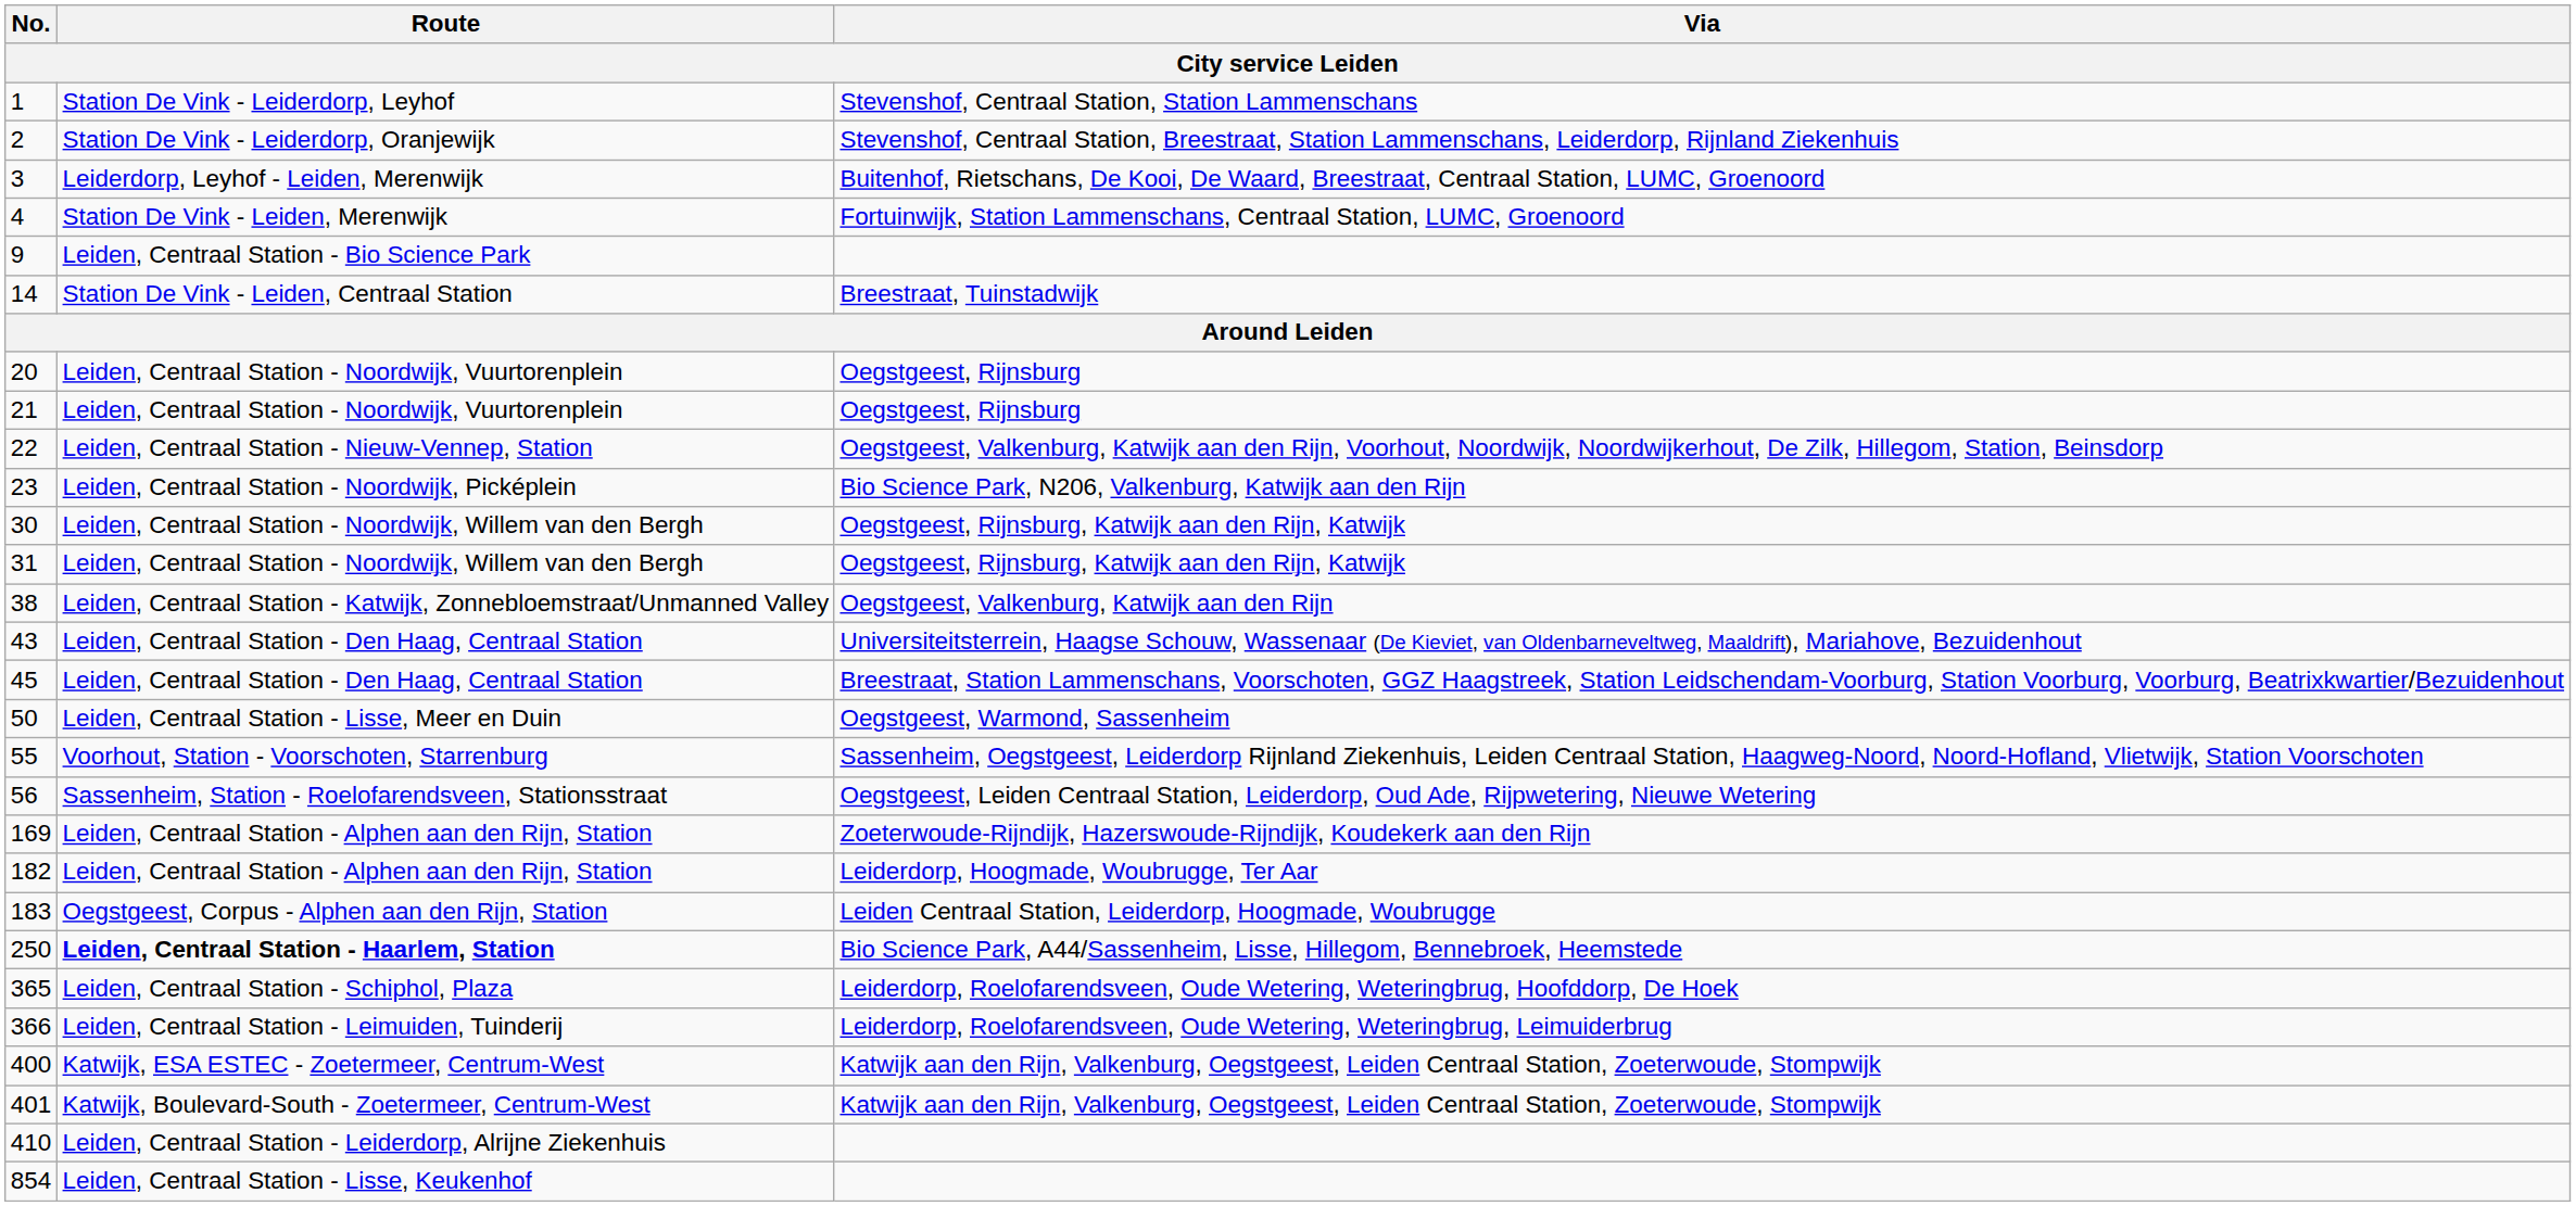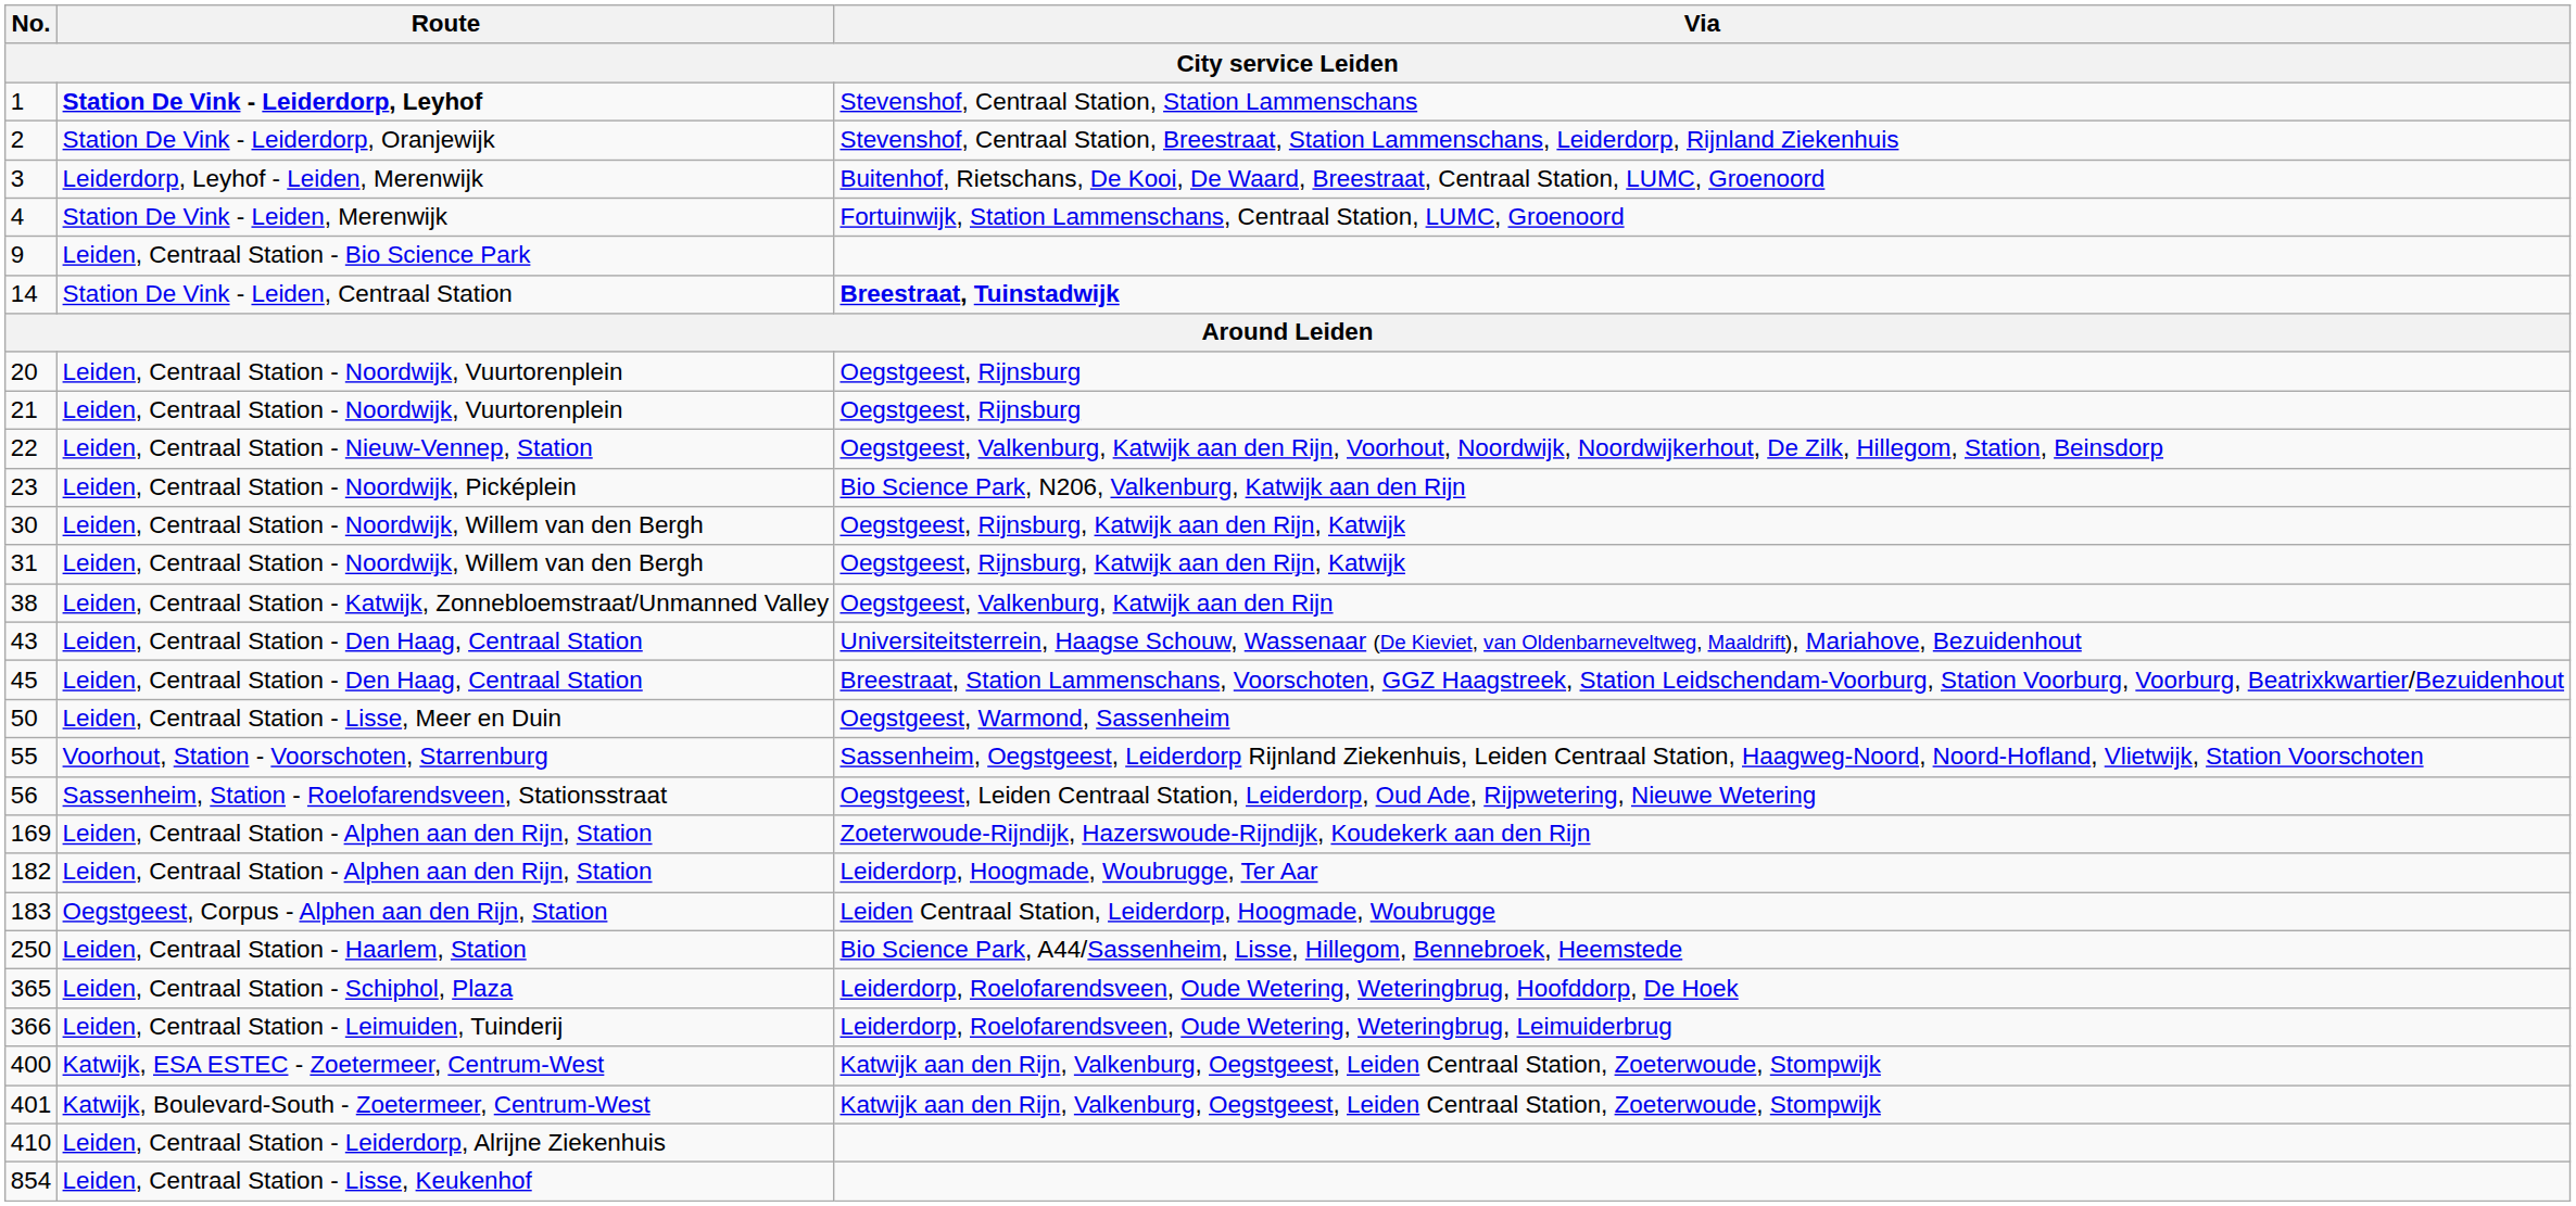 <table class="wikitable">
 <tr>
 <th>No.</th>
 <th>Route</th>
 <th>Via</th>
 </tr>
 <tr>
 <th colspan="4">City service Leiden</th>
 </tr>
 <tr>
 <td>1</td>
-<td><a href='#'>Station De Vink</a> - <a href='#'>Leiderdorp</a>, Leyhof</td>
+<td><strong><a href='#'>Station De Vink</a> - <a href='#'>Leiderdorp</a>, Leyhof</strong></td>
 <td><a href='#'>Stevenshof</a>, Centraal Station, <a href='#'>Station Lammenschans</a></td>
 </tr>
 <tr>
 <td>2</td>
 <td><a href='#'>Station De Vink</a> - <a href='#'>Leiderdorp</a>, Oranjewijk</td>
 <td><a href='#'>Stevenshof</a>, Centraal Station, <a href='#'>Breestraat</a>, <a href='#'>Station Lammenschans</a>, <a href='#'>Leiderdorp</a>, <a href='#'>Rijnland Ziekenhuis</a></td>
 </tr>
 <tr>
 <td>3</td>
 <td><a href='#'>Leiderdorp</a>, Leyhof - <a href='#'>Leiden</a>, Merenwijk</td>
 <td><a href='#'>Buitenhof</a>, Rietschans, <a href='#'>De Kooi</a>, <a href='#'>De Waard</a>, <a href='#'>Breestraat</a>, Centraal Station, <a href='#'>LUMC</a>, <a href='#'>Groenoord</a></td>
 </tr>
 <tr>
 <td>4</td>
 <td><a href='#'>Station De Vink</a> - <a href='#'>Leiden</a>, Merenwijk</td>
 <td><a href='#'>Fortuinwijk</a>, <a href='#'>Station Lammenschans</a>, Centraal Station, <a href='#'>LUMC</a>, <a href='#'>Groenoord</a></td>
 </tr>
 <tr>
 <td>9</td>
 <td><a href='#'>Leiden</a>, Centraal Station - <a href='#'>Bio Science Park</a></td>
 <td></td>
 </tr>
 <tr>
 <td>14</td>
 <td><a href='#'>Station De Vink</a> - <a href='#'>Leiden</a>, Centraal Station</td>
-<td><a href='#'>Breestraat</a>, <a href='#'>Tuinstadwijk</a></td>
+<td><strong><a href='#'>Breestraat</a>, <a href='#'>Tuinstadwijk</a></strong></td>
 </tr>
 <tr>
 <th colspan="4">Around Leiden</th>
 </tr>
 <tr>
 <td>20</td>
 <td><a href='#'>Leiden</a>, Centraal Station - <a href='#'>Noordwijk</a>, Vuurtorenplein</td>
 <td><a href='#'>Oegstgeest</a>, <a href='#'>Rijnsburg</a></td>
 </tr>
 <tr>
 <td>21</td>
 <td><a href='#'>Leiden</a>, Centraal Station - <a href='#'>Noordwijk</a>, Vuurtorenplein</td>
 <td><a href='#'>Oegstgeest</a>, <a href='#'>Rijnsburg</a></td>
 </tr>
 <tr>
 <td>22</td>
 <td><a href='#'>Leiden</a>, Centraal Station - <a href='#'>Nieuw-Vennep</a>, <a href='#'>Station</a></td>
 <td><a href='#'>Oegstgeest</a>, <a href='#'>Valkenburg</a>, <a href='#'>Katwijk aan den Rijn</a>, <a href='#'>Voorhout</a>, <a href='#'>Noordwijk</a>,  <a href='#'>Noordwijkerhout</a>, <a href='#'>De Zilk</a>, <a href='#'>Hillegom</a>, <a href='#'>Station</a>, <a href='#'>Beinsdorp</a></td>
 </tr>
 <tr>
 <td>23</td>
 <td><a href='#'>Leiden</a>, Centraal Station - <a href='#'>Noordwijk</a>, Picképlein</td>
 <td><a href='#'>Bio Science Park</a>, N206, <a href='#'>Valkenburg</a>, <a href='#'>Katwijk aan den Rijn</a></td>
 </tr>
 <tr>
 <td>30</td>
 <td><a href='#'>Leiden</a>, Centraal Station - <a href='#'>Noordwijk</a>, Willem van den Bergh</td>
 <td><a href='#'>Oegstgeest</a>, <a href='#'>Rijnsburg</a>, <a href='#'>Katwijk aan den Rijn</a>, <a href='#'>Katwijk</a></td>
 </tr>
 <tr>
 <td>31</td>
 <td><a href='#'>Leiden</a>, Centraal Station - <a href='#'>Noordwijk</a>, Willem van den Bergh</td>
 <td><a href='#'>Oegstgeest</a>, <a href='#'>Rijnsburg</a>, <a href='#'>Katwijk aan den Rijn</a>, <a href='#'>Katwijk</a></td>
 </tr>
 <tr>
 <td>38</td>
 <td><a href='#'>Leiden</a>, Centraal Station - <a href='#'>Katwijk</a>, Zonnebloemstraat/Unmanned Valley </td>
 <td><a href='#'>Oegstgeest</a>, <a href='#'>Valkenburg</a>, <a href='#'>Katwijk aan den Rijn</a></td>
 </tr>
 <tr>
 <td>43</td>
 <td><a href='#'>Leiden</a>, Centraal Station - <a href='#'>Den Haag</a>, <a href='#'>Centraal Station</a></td>
 <td><a href='#'>Universiteitsterrein</a>, <a href='#'>Haagse Schouw</a>, <a href='#'>Wassenaar</a> <small>(<a href='#'>De Kieviet</a>, <a href='#'>van Oldenbarneveltweg</a>, <a href='#'>Maaldrift</a>)</small>, <a href='#'>Mariahove</a>, <a href='#'>Bezuidenhout</a></td>
 </tr>
 <tr>
 <td>45</td>
 <td><a href='#'>Leiden</a>, Centraal Station - <a href='#'>Den Haag</a>, <a href='#'>Centraal Station</a></td>
 <td><a href='#'>Breestraat</a>, <a href='#'>Station Lammenschans</a>, <a href='#'>Voorschoten</a>, <a href='#'>GGZ Haagstreek</a>, <a href='#'>Station Leidschendam-Voorburg</a>, <a href='#'>Station Voorburg</a>, <a href='#'>Voorburg</a>, <a href='#'>Beatrixkwartier</a>/<a href='#'>Bezuidenhout</a></td>
 </tr>
 <tr>
 <td>50</td>
 <td><a href='#'>Leiden</a>, Centraal Station - <a href='#'>Lisse</a>, Meer en Duin</td>
 <td><a href='#'>Oegstgeest</a>, <a href='#'>Warmond</a>, <a href='#'>Sassenheim</a></td>
 </tr>
 <tr>
 <td>55</td>
 <td><a href='#'>Voorhout</a>, <a href='#'>Station</a> - <a href='#'>Voorschoten</a>, <a href='#'>Starrenburg</a></td>
 <td><a href='#'>Sassenheim</a>, <a href='#'>Oegstgeest</a>, <a href='#'>Leiderdorp</a> Rijnland Ziekenhuis, Leiden Centraal Station, <a href='#'>Haagweg-Noord</a>, <a href='#'>Noord-Hofland</a>, <a href='#'>Vlietwijk</a>, <a href='#'>Station Voorschoten</a></td>
 </tr>
 <tr>
 <td>56</td>
 <td><a href='#'>Sassenheim</a>, <a href='#'>Station</a> - <a href='#'>Roelofarendsveen</a>, Stationsstraat</td>
 <td><a href='#'>Oegstgeest</a>, Leiden Centraal Station, <a href='#'>Leiderdorp</a>, <a href='#'>Oud Ade</a>, <a href='#'>Rijpwetering</a>, <a href='#'>Nieuwe Wetering</a></td>
 </tr>
 <tr>
 <td>169</td>
 <td><a href='#'>Leiden</a>, Centraal Station - <a href='#'>Alphen aan den Rijn</a>, <a href='#'>Station</a></td>
 <td><a href='#'>Zoeterwoude-Rijndijk</a>, <a href='#'>Hazerswoude-Rijndijk</a>, <a href='#'>Koudekerk aan den Rijn</a></td>
 </tr>
 <tr>
 <td>182</td>
 <td><a href='#'>Leiden</a>, Centraal Station - <a href='#'>Alphen aan den Rijn</a>, <a href='#'>Station</a></td>
 <td><a href='#'>Leiderdorp</a>, <a href='#'>Hoogmade</a>, <a href='#'>Woubrugge</a>, <a href='#'>Ter Aar</a></td>
 </tr>
 <tr>
 <td>183</td>
 <td><a href='#'>Oegstgeest</a>, Corpus - <a href='#'>Alphen aan den Rijn</a>, <a href='#'>Station</a></td>
 <td><a href='#'>Leiden</a> Centraal Station, <a href='#'>Leiderdorp</a>, <a href='#'>Hoogmade</a>, <a href='#'>Woubrugge</a></td>
 </tr>
 <tr>
 <td>250</td>
-<td><strong><a href='#'>Leiden</a>, Centraal Station - <a href='#'>Haarlem</a>, <a href='#'>Station</a></strong></td>
+<td><a href='#'>Leiden</a>, Centraal Station - <a href='#'>Haarlem</a>, <a href='#'>Station</a></td>
 <td><a href='#'>Bio Science Park</a>, A44/<a href='#'>Sassenheim</a>, <a href='#'>Lisse</a>, <a href='#'>Hillegom</a>, <a href='#'>Bennebroek</a>, <a href='#'>Heemstede</a></td>
 </tr>
 <tr>
 <td>365</td>
 <td><a href='#'>Leiden</a>, Centraal Station - <a href='#'>Schiphol</a>, <a href='#'>Plaza</a></td>
 <td><a href='#'>Leiderdorp</a>, <a href='#'>Roelofarendsveen</a>, <a href='#'>Oude Wetering</a>, <a href='#'>Weteringbrug</a>, <a href='#'>Hoofddorp</a>, <a href='#'>De Hoek</a></td>
 </tr>
 <tr>
 <td>366</td>
 <td><a href='#'>Leiden</a>, Centraal Station - <a href='#'>Leimuiden</a>, Tuinderij</td>
 <td><a href='#'>Leiderdorp</a>, <a href='#'>Roelofarendsveen</a>, <a href='#'>Oude Wetering</a>, <a href='#'>Weteringbrug</a>, <a href='#'>Leimuiderbrug</a></td>
 </tr>
 <tr>
 <td>400</td>
 <td><a href='#'>Katwijk</a>, <a href='#'>ESA ESTEC</a> - <a href='#'>Zoetermeer</a>, <a href='#'>Centrum-West</a></td>
 <td><a href='#'>Katwijk aan den Rijn</a>, <a href='#'>Valkenburg</a>, <a href='#'>Oegstgeest</a>, <a href='#'>Leiden</a> Centraal Station, <a href='#'>Zoeterwoude</a>, <a href='#'>Stompwijk</a></td>
 </tr>
 <tr>
 <td>401</td>
 <td><a href='#'>Katwijk</a>, Boulevard-South - <a href='#'>Zoetermeer</a>, <a href='#'>Centrum-West</a></td>
 <td><a href='#'>Katwijk aan den Rijn</a>, <a href='#'>Valkenburg</a>, <a href='#'>Oegstgeest</a>, <a href='#'>Leiden</a> Centraal Station, <a href='#'>Zoeterwoude</a>, <a href='#'>Stompwijk</a></td>
 </tr>
 <tr>
 <td>410</td>
 <td><a href='#'>Leiden</a>, Centraal Station - <a href='#'>Leiderdorp</a>, Alrijne Ziekenhuis</td>
 <td></td>
 </tr>
 <tr>
 <td>854</td>
 <td><a href='#'>Leiden</a>, Centraal Station - <a href='#'>Lisse</a>, <a href='#'>Keukenhof</a></td>
 <td></td>
 </tr>
 </table>
